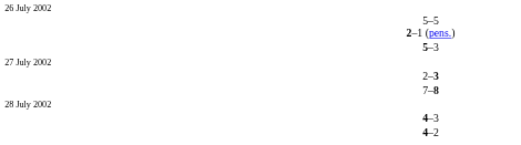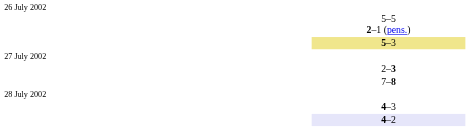 <table width=100% cellspacing=1>
 <tr>
 <th width=40%></th>
 <th width=20%></th>
 <th></th>
 </tr>
 <tr>
 <td><small>26 July 2002</small></td>
 </tr>
 <tr>
 <td align=right><strong></strong></td>
 <td align=center>5–5 <br><strong>2</strong>–1 (<a href='#'>pens.</a>)</td>
 <td></td>
 </tr>
 <tr>
 <td align=right><strong></strong></td>
-<td align=center><strong>5</strong>–3</td>
+<td align=center style="background: khaki;"><strong>5</strong>–3</td>
 <td></td>
 </tr>
 <tr>
 <td><small>27 July 2002</small></td>
 </tr>
 <tr>
 <td align=right></td>
 <td align=center>2–<strong>3</strong></td>
 <td><strong></strong></td>
 </tr>
 <tr>
 <td align=right></td>
 <td align=center>7–<strong>8</strong> </td>
 <td><strong></strong></td>
 </tr>
 <tr>
 <td><small>28 July 2002</small></td>
 </tr>
 <tr>
 <td align=right><strong></strong></td>
 <td align=center><strong>4</strong>–3</td>
 <td></td>
 </tr>
 <tr>
 <td align=right><strong></strong></td>
-<td align=center><strong>4</strong>–2</td>
+<td align=center style="background: lavender;"><strong>4</strong>–2</td>
 <td></td>
 </tr>
 </table>
